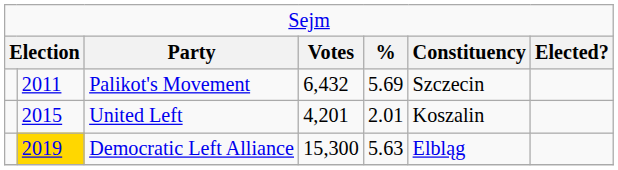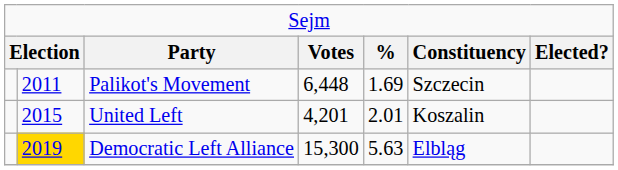 <table class = 'wikitable'>
 <tr>
 <td colspan="7" style="text-align:center;"><a href='#'>Sejm</a></td>
 </tr>
 <tr>
 <th colspan="2">Election</th>
 <th>Party</th>
 <th>Votes</th>
 <th>%</th>
 <th>Constituency</th>
 <th>Elected?</th>
 </tr>
 <tr>
 <td style="background-color: "></td>
 <td><a href='#'>2011</a></td>
 <td><a href='#'>Palikot's Movement</a></td>
-<td>6,432</td>
-<td>5.69</td>
+<td>6,448</td>
+<td>1.69</td>
 <td>Szczecin</td>
 <td></td>
 </tr>
 <tr>
 <td style="background-color: "></td>
 <td><a href='#'>2015</a></td>
 <td><a href='#'>United Left</a></td>
 <td>4,201</td>
 <td>2.01</td>
 <td>Koszalin</td>
 <td></td>
 </tr>
 <tr>
 <td style="background-color: "></td>
 <td style="background: gold;"><a href='#'>2019</a></td>
 <td><a href='#'>Democratic Left Alliance</a></td>
 <td>15,300</td>
 <td>5.63</td>
 <td><a href='#'>Elbląg</a></td>
 <td></td>
 </tr>
 <tr>
 </tr>
 </table>
